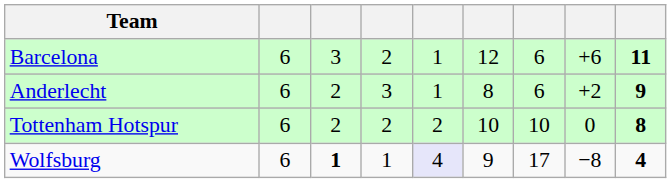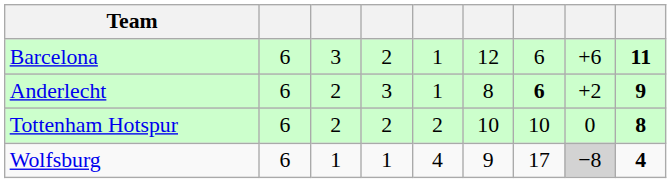 <table class="wikitable" style="text-align:center">
 <tr>
 <th width="180">Team</th>
 <th width="30"></th>
 <th width="30"></th>
 <th width="30"></th>
 <th width="30"></th>
 <th width="30"></th>
 <th width="30"></th>
 <th width="30"></th>
 <th width="30"></th>
 </tr>
 <tr style="background: #ccffcc">
 <td align=left> <a href='#'>Barcelona</a></td>
 <td>6</td>
 <td>3</td>
 <td>2</td>
 <td>1</td>
 <td>12</td>
 <td>6</td>
 <td>+6</td>
 <td><strong>11</strong></td>
 </tr>
 <tr style="background: #ccffcc">
 <td align=left> <a href='#'>Anderlecht</a></td>
 <td>6</td>
 <td>2</td>
 <td>3</td>
 <td>1</td>
 <td>8</td>
-<td>6</td>
+<td><strong>6</strong></td>
 <td>+2</td>
 <td><strong>9</strong></td>
 </tr>
 <tr style="background: #ccffcc">
 <td align=left> <a href='#'>Tottenham Hotspur</a></td>
 <td>6</td>
 <td>2</td>
 <td>2</td>
 <td>2</td>
 <td>10</td>
 <td>10</td>
 <td>0</td>
 <td><strong>8</strong></td>
 </tr>
 <tr>
 <td align=left> <a href='#'>Wolfsburg</a></td>
 <td>6</td>
-<td><strong>1</strong></td>
 <td>1</td>
-<td style="background: lavender;">4</td>
+<td>1</td>
+<td>4</td>
 <td>9</td>
 <td>17</td>
-<td>−8</td>
+<td style="background: lightgrey;">−8</td>
 <td><strong>4</strong></td>
 </tr>
 </table>
